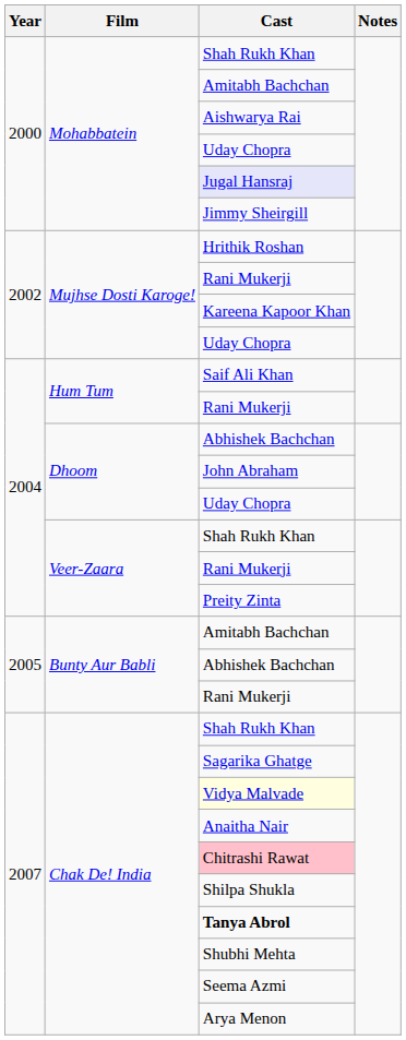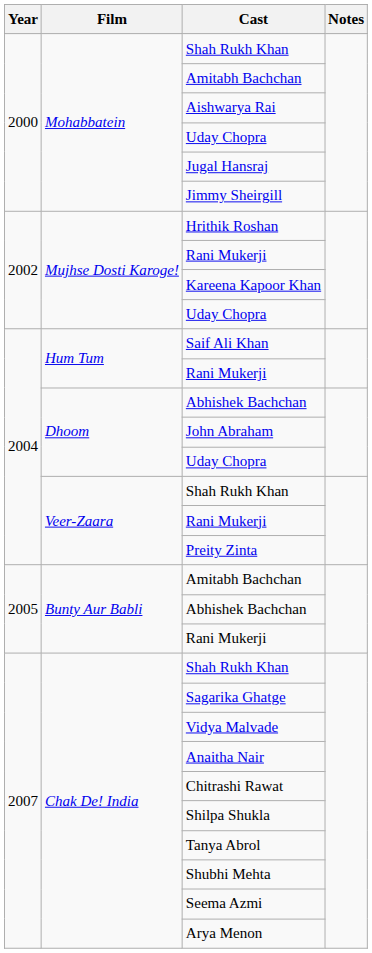 <table class="wikitable sortable" style="font-size:1.00em; line-height:1.5em;">
 <tr>
 <th>Year</th>
 <th>Film</th>
 <th>Cast</th>
 <th>Notes</th>
 </tr>
 <tr>
 <td rowspan="6">2000</td>
 <td rowspan="6"><em><a href='#'>Mohabbatein</a></em></td>
 <td><a href='#'>Shah Rukh Khan</a></td>
 <td rowspan="6"></td>
 </tr>
 <tr>
 <td><a href='#'>Amitabh Bachchan</a></td>
 </tr>
 <tr>
 <td><a href='#'>Aishwarya Rai</a></td>
 </tr>
 <tr>
 <td><a href='#'>Uday Chopra</a></td>
 </tr>
 <tr>
-<td style="background: lavender;"><a href='#'>Jugal Hansraj</a></td>
+<td><a href='#'>Jugal Hansraj</a></td>
 </tr>
 <tr>
 <td><a href='#'>Jimmy Sheirgill</a></td>
 </tr>
 <tr>
 <td rowspan="4">2002</td>
 <td rowspan="4"><em><a href='#'>Mujhse Dosti Karoge!</a></em></td>
 <td><a href='#'>Hrithik Roshan</a></td>
 <td rowspan="4"></td>
 </tr>
 <tr>
 <td><a href='#'>Rani Mukerji</a></td>
 </tr>
 <tr>
 <td><a href='#'>Kareena Kapoor Khan</a></td>
 </tr>
 <tr>
 <td><a href='#'>Uday Chopra</a></td>
 </tr>
 <tr>
 <td rowspan="8">2004</td>
 <td rowspan="2"><em><a href='#'>Hum Tum</a></em></td>
 <td><a href='#'>Saif Ali Khan</a></td>
 <td rowspan="2"></td>
 </tr>
 <tr>
 <td><a href='#'>Rani Mukerji</a></td>
 </tr>
 <tr>
 <td rowspan="3"><em><a href='#'>Dhoom</a></em></td>
 <td><a href='#'>Abhishek Bachchan</a></td>
 <td rowspan="3"></td>
 </tr>
 <tr>
 <td><a href='#'>John Abraham</a></td>
 </tr>
 <tr>
 <td><a href='#'>Uday Chopra</a></td>
 </tr>
 <tr>
 <td rowspan="3"><em><a href='#'>Veer-Zaara</a></em></td>
 <td>Shah Rukh Khan</td>
 <td rowspan="3"></td>
 </tr>
 <tr>
 <td><a href='#'>Rani Mukerji</a></td>
 </tr>
 <tr>
 <td><a href='#'>Preity Zinta</a></td>
 </tr>
 <tr>
 <td rowspan="3">2005</td>
 <td rowspan="3"><em><a href='#'>Bunty Aur Babli</a></em></td>
 <td>Amitabh Bachchan</td>
 <td rowspan="3"></td>
 </tr>
 <tr>
 <td>Abhishek Bachchan</td>
 </tr>
 <tr>
 <td>Rani Mukerji</td>
 </tr>
 <tr>
 <td rowspan="10">2007</td>
 <td rowspan="10"><em><a href='#'>Chak De! India</a></em></td>
 <td><a href='#'>Shah Rukh Khan</a></td>
 <td rowspan="10"></td>
 </tr>
 <tr>
 <td><a href='#'>Sagarika Ghatge</a></td>
 </tr>
 <tr>
-<td style="background: lightyellow;"><a href='#'>Vidya Malvade</a></td>
+<td><a href='#'>Vidya Malvade</a></td>
 </tr>
 <tr>
 <td><a href='#'>Anaitha Nair</a></td>
 </tr>
 <tr>
-<td style="background: pink;">Chitrashi Rawat</td>
+<td>Chitrashi Rawat</td>
 </tr>
 <tr>
 <td>Shilpa Shukla</td>
 </tr>
 <tr>
-<td><strong>Tanya Abrol</strong></td>
+<td>Tanya Abrol</td>
 </tr>
 <tr>
 <td>Shubhi Mehta</td>
 </tr>
 <tr>
 <td>Seema Azmi</td>
 </tr>
 <tr>
 <td>Arya Menon</td>
 </tr>
 </table>
